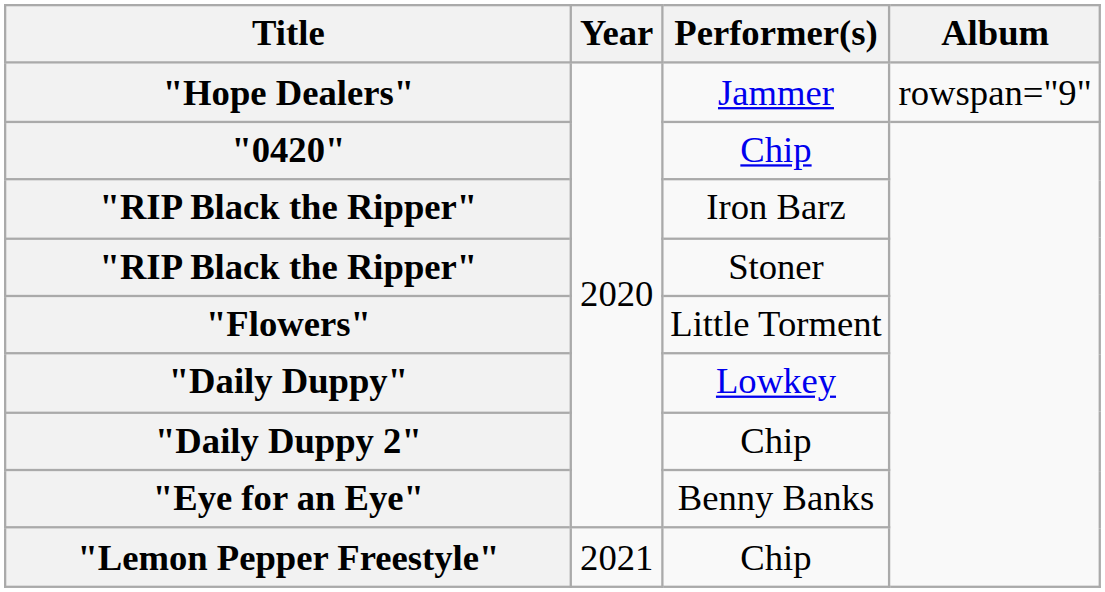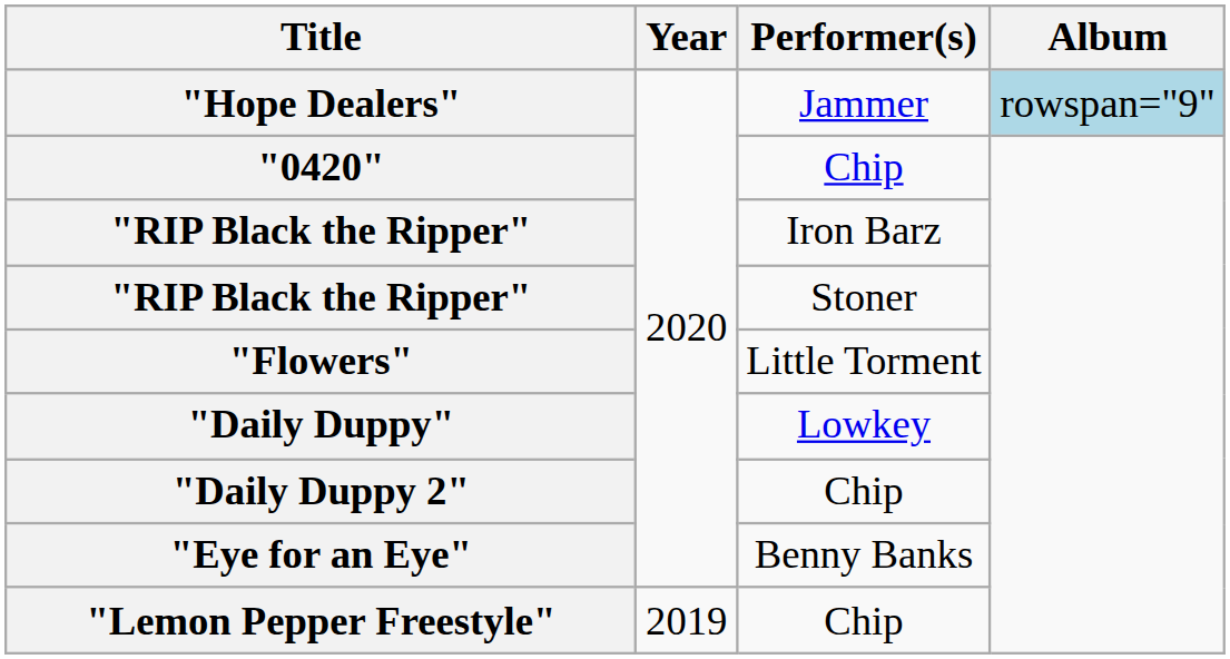 <table class="wikitable plainrowheaders" style="text-align:center;">
 <tr>
 <th scope="col" style="width:15em;">Title</th>
 <th scope="col">Year</th>
 <th scope="col">Performer(s)</th>
 <th scope="col">Album</th>
 </tr>
 <tr>
 <th scope="row">"Hope Dealers"</th>
 <td rowspan="8">2020</td>
 <td><a href='#'>Jammer</a></td>
-<td>rowspan="9" </td>
+<td style="background: lightblue;">rowspan="9" </td>
 </tr>
 <tr>
 <th scope="row">"0420"</th>
 <td><a href='#'>Chip</a></td>
 </tr>
 <tr>
 <th scope="row">"RIP Black the Ripper"</th>
 <td>Iron Barz</td>
 </tr>
 <tr>
 <th scope="row">"RIP Black the Ripper"</th>
 <td>Stoner</td>
 </tr>
 <tr>
 <th scope="row">"Flowers"</th>
 <td>Little Torment</td>
 </tr>
 <tr>
 <th scope="row">"Daily Duppy"</th>
 <td><a href='#'>Lowkey</a></td>
 </tr>
 <tr>
 <th scope="row">"Daily Duppy 2"</th>
 <td>Chip</td>
 </tr>
 <tr>
 <th scope="row">"Eye for an Eye"</th>
 <td>Benny Banks</td>
 </tr>
 <tr>
 <th scope="row">"Lemon Pepper Freestyle"</th>
-<td rowspan="1">2021</td>
+<td rowspan="1">2019</td>
 <td>Chip</td>
 </tr>
 </table>
